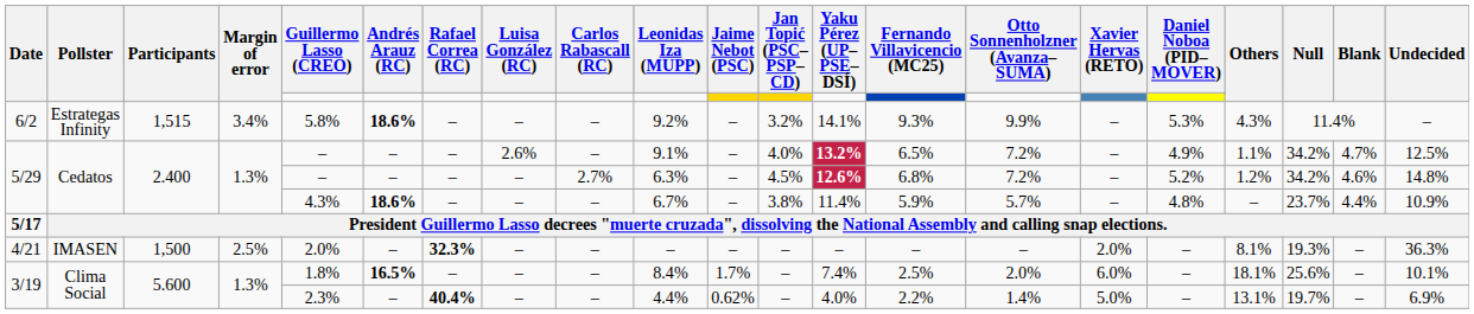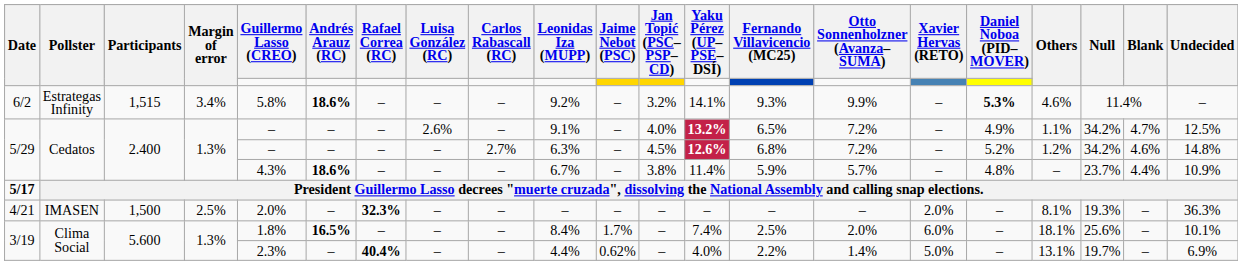 <table class="wikitable" style="text-align:center;font-size:85%;line-height:13px">
 <tr style="height:30px; background-color:#8B8B8B">
 <th rowspan=2>Date</th>
 <th rowspan=2>Pollster</th>
 <th rowspan=2>Participants</th>
 <th rowspan=2>Margin<br>of error</th>
 <th><a href='#'>Guillermo Lasso</a><br>(<a href='#'>CREO</a>)</th>
 <th><a href='#'>Andrés Arauz</a><br>(<a href='#'>RC</a>)</th>
 <th><a href='#'>Rafael Correa</a><br>(<a href='#'>RC</a>)</th>
 <th><a href='#'>Luisa González</a><br>(<a href='#'>RC</a>)</th>
 <th><a href='#'>Carlos Rabascall</a><br>(<a href='#'>RC</a>)</th>
 <th><a href='#'>Leonidas Iza</a><br>(<a href='#'>MUPP</a>)</th>
 <th><a href='#'>Jaime Nebot</a><br>(<a href='#'>PSC</a>)</th>
 <th><a href='#'>Jan Topić</a><br>(<a href='#'>PSC</a>–<a href='#'>PSP</a>–<a href='#'>CD</a>)</th>
 <th><a href='#'>Yaku Pérez</a><br>(<a href='#'>UP</a>–<a href='#'>PSE</a>–DSÍ)</th>
 <th><a href='#'>Fernando Villavicencio</a><br>(MC25)</th>
 <th><a href='#'>Otto Sonnenholzner</a><br>(<a href='#'>Avanza</a>–<a href='#'>SUMA</a>)</th>
 <th><a href='#'>Xavier Hervas</a><br>(RETO)</th>
 <th><a href='#'>Daniel Noboa</a><br>(PID–<a href='#'>MOVER</a>)</th>
 <th rowspan=2>Others</th>
 <th rowspan=2>Null</th>
 <th rowspan=2>Blank</th>
 <th rowspan=2>Undecided</th>
 </tr>
 <tr>
 <td bgcolor=></td>
 <td bgcolor=></td>
 <td bgcolor=></td>
 <td bgcolor=></td>
 <td bgcolor=></td>
 <td bgcolor=></td>
 <td bgcolor=#FFD600></td>
 <td bgcolor=#FFD600></td>
 <td bgcolor=></td>
 <td bgcolor=#0041B3></td>
 <td bgcolor=></td>
 <td bgcolor=#4682B4></td>
 <td bgcolor="yellow"></td>
 </tr>
 <tr>
 <td>6/2</td>
 <td>Estrategas Infinity</td>
 <td>1,515</td>
 <td>3.4%</td>
 <td>5.8%</td>
 <td style="background:"><strong>18.6%</strong></td>
 <td>–</td>
 <td>–</td>
 <td>–</td>
 <td>9.2%</td>
 <td>–</td>
 <td>3.2%</td>
 <td>14.1%</td>
 <td>9.3%</td>
 <td>9.9%</td>
 <td>–</td>
-<td>5.3%</td>
-<td>4.3%</td>
+<td><strong>5.3%</strong></td>
+<td>4.6%</td>
 <td colspan="2" align="center">11.4%</td>
 <td>–</td>
 </tr>
 <tr>
 <td rowspan="3">5/29</td>
 <td rowspan="3">Cedatos</td>
 <td rowspan="3">2.400</td>
 <td rowspan="3">1.3%</td>
 <td>–</td>
 <td>–</td>
 <td>–</td>
 <td>2.6%</td>
 <td>–</td>
 <td>9.1%</td>
 <td>–</td>
 <td>4.0%</td>
 <td style="background:#C32148;color:white ;"><strong>13.2%</strong></td>
 <td>6.5%</td>
 <td>7.2%</td>
 <td>–</td>
 <td>4.9%</td>
 <td>1.1%</td>
 <td>34.2%</td>
 <td>4.7%</td>
 <td>12.5%</td>
 </tr>
 <tr>
 <td>–</td>
 <td>–</td>
 <td>–</td>
 <td>–</td>
 <td>2.7%</td>
 <td>6.3%</td>
 <td>–</td>
 <td>4.5%</td>
 <td style="background:#C32148;color:white;"><strong>12.6%</strong></td>
 <td>6.8%</td>
 <td>7.2%</td>
 <td>–</td>
 <td>5.2%</td>
 <td>1.2%</td>
 <td>34.2%</td>
 <td>4.6%</td>
 <td>14.8%</td>
 </tr>
 <tr>
 <td>4.3%</td>
 <td style="background:"><strong>18.6%</strong></td>
 <td>–</td>
 <td>–</td>
 <td>–</td>
 <td>6.7%</td>
 <td>–</td>
 <td>3.8%</td>
 <td>11.4%</td>
 <td>5.9%</td>
 <td>5.7%</td>
 <td>–</td>
 <td>4.8%</td>
 <td>–</td>
 <td>23.7%</td>
 <td>4.4%</td>
 <td>10.9%</td>
 </tr>
 <tr>
 <td><strong>5/17</strong></td>
 <th colspan="20"><strong>President <a href='#'>Guillermo Lasso</a> decrees "<a href='#'>muerte cruzada</a>", <a href='#'>dissolving</a> the <a href='#'>National Assembly</a> and calling snap elections.</strong></th>
 </tr>
 <tr>
 <td>4/21</td>
 <td>IMASEN</td>
 <td>1,500</td>
 <td>2.5%</td>
 <td>2.0%</td>
 <td>–</td>
 <td style="background:"><strong>32.3%</strong></td>
 <td>–</td>
 <td>–</td>
 <td>–</td>
 <td>–</td>
 <td>–</td>
 <td>–</td>
 <td>–</td>
 <td>–</td>
 <td>2.0%</td>
 <td>–</td>
 <td>8.1%</td>
 <td>19.3%</td>
 <td>–</td>
 <td>36.3%</td>
 </tr>
 <tr>
 <td rowspan="2">3/19</td>
 <td rowspan="2">Clima Social</td>
 <td rowspan="2">5.600</td>
 <td rowspan="2">1.3%</td>
 <td>1.8%</td>
 <td style="background:"><strong>16.5%</strong></td>
 <td>–</td>
 <td>–</td>
 <td>–</td>
 <td>8.4%</td>
 <td>1.7%</td>
 <td>–</td>
 <td>7.4%</td>
 <td>2.5%</td>
 <td>2.0%</td>
 <td>6.0%</td>
 <td>–</td>
 <td>18.1%</td>
 <td>25.6%</td>
 <td>–</td>
 <td>10.1%</td>
 </tr>
 <tr>
 <td>2.3%</td>
 <td>–</td>
 <td style="background:"><strong>40.4%</strong></td>
 <td>–</td>
 <td>–</td>
 <td>4.4%</td>
 <td>0.62%</td>
 <td>–</td>
 <td>4.0%</td>
 <td>2.2%</td>
 <td>1.4%</td>
 <td>5.0%</td>
 <td>–</td>
 <td>13.1%</td>
 <td>19.7%</td>
 <td>–</td>
 <td>6.9%</td>
 </tr>
 </table>
